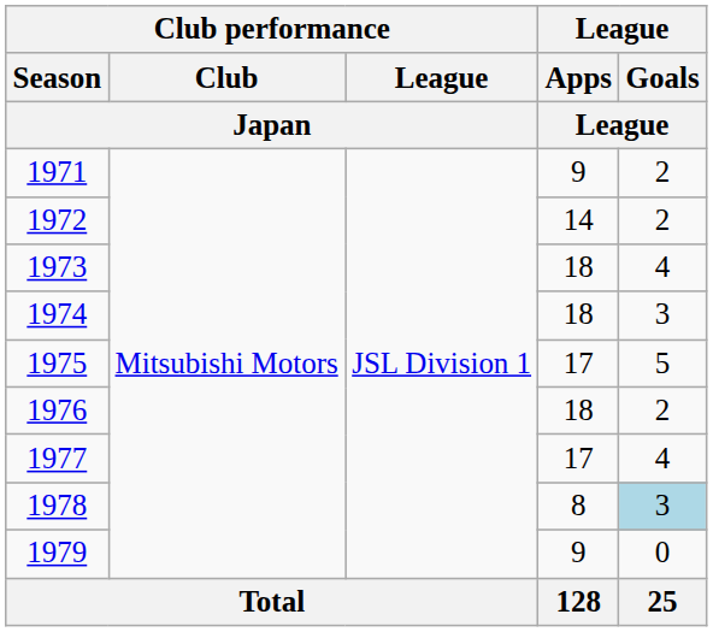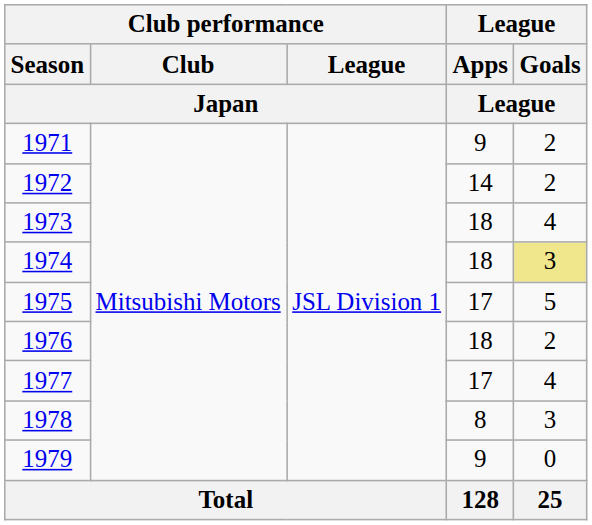 <table class="wikitable" style="text-align:center;">
 <tr>
 <th colspan=3>Club performance</th>
 <th colspan=2>League</th>
 </tr>
 <tr>
 <th>Season</th>
 <th>Club</th>
 <th>League</th>
 <th>Apps</th>
 <th>Goals</th>
 </tr>
 <tr>
 <th colspan=3>Japan</th>
 <th colspan=2>League</th>
 </tr>
 <tr>
 <td><a href='#'>1971</a></td>
 <td rowspan="9"><a href='#'>Mitsubishi Motors</a></td>
 <td rowspan="9"><a href='#'>JSL Division 1</a></td>
 <td>9</td>
 <td>2</td>
 </tr>
 <tr>
 <td><a href='#'>1972</a></td>
 <td>14</td>
 <td>2</td>
 </tr>
 <tr>
 <td><a href='#'>1973</a></td>
 <td>18</td>
 <td>4</td>
 </tr>
 <tr>
 <td><a href='#'>1974</a></td>
 <td>18</td>
-<td>3</td>
+<td style="background: khaki;">3</td>
 </tr>
 <tr>
 <td><a href='#'>1975</a></td>
 <td>17</td>
 <td>5</td>
 </tr>
 <tr>
 <td><a href='#'>1976</a></td>
 <td>18</td>
 <td>2</td>
 </tr>
 <tr>
 <td><a href='#'>1977</a></td>
 <td>17</td>
 <td>4</td>
 </tr>
 <tr>
 <td><a href='#'>1978</a></td>
 <td>8</td>
-<td style="background: lightblue;">3</td>
+<td>3</td>
 </tr>
 <tr>
 <td><a href='#'>1979</a></td>
 <td>9</td>
 <td>0</td>
 </tr>
 <tr>
 <th colspan=3>Total</th>
 <th>128</th>
 <th>25</th>
 </tr>
 </table>
